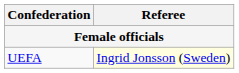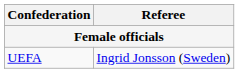 <table class="wikitable">
 <tr>
 <th>Confederation</th>
 <th>Referee</th>
 </tr>
 <tr>
 <td colspan="3" style="text-align:center; background:whitesmoke;"><strong>Female officials</strong></td>
 </tr>
 <tr>
 <td><a href='#'>UEFA</a></td>
-<td style="background: lightyellow;"><a href='#'>Ingrid Jonsson</a> (<a href='#'>Sweden</a>)</td>
+<td><a href='#'>Ingrid Jonsson</a> (<a href='#'>Sweden</a>)</td>
 </tr>
 </table>
